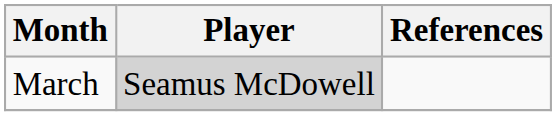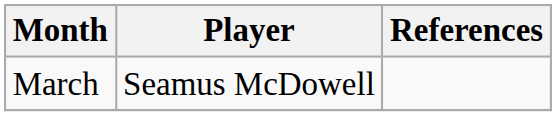 <table class="wikitable">
 <tr>
 <th>Month</th>
 <th>Player</th>
 <th>References</th>
 </tr>
 <tr>
 <td>March</td>
-<td style="background: lightgrey;"> Seamus McDowell</td>
+<td> Seamus McDowell</td>
 <td align=center></td>
 </tr>
 <tr>
 </tr>
 </table>
